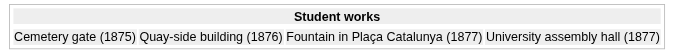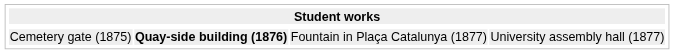 <table style="margin:1em auto; padding:2px; border: 1px solid #BBB; text-align:center; font-size:90%">
 <tr>
 <th colspan="4" style="background:#EEE">Student works</th>
 </tr>
 <tr>
 <td></td>
 <td></td>
 <td></td>
 <td></td>
 </tr>
 <tr style="background:#EEE">
 <td>Cemetery gate (1875)</td>
-<td>Quay-side building (1876)</td>
+<td><strong>Quay-side building (1876)</strong></td>
 <td>Fountain in Plaça Catalunya (1877)</td>
 <td>University assembly hall (1877)</td>
 </tr>
 </table>
